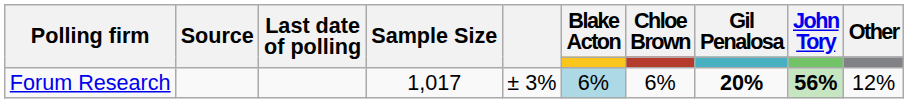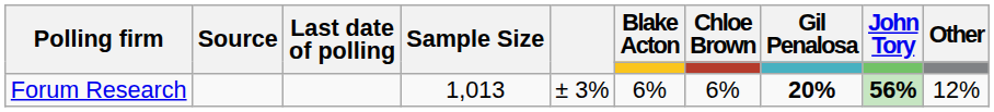 <table class="wikitable sortable tpl-blanktable" style="text-align:center; line-height:14px;font-size:90%;">
 <tr>
 <th rowspan="2">Polling firm</th>
 <th rowspan="2" class="unsortable">Source</th>
 <th rowspan="2">Last date<br>of polling</th>
 <th rowspan="2" class="unsortable">Sample Size</th>
 <th rowspan="2"></th>
 <th style="width:25px;letter-spacing:-1px;">Blake Acton</th>
 <th style="width:25px;letter-spacing:-1px;">Chloe Brown</th>
 <th style="width:25px;letter-spacing:-1px;">Gil Penalosa</th>
 <th style="width:25px;letter-spacing:-1px;"><a href='#'>John Tory</a></th>
 <th style="width:25px;letter-spacing:-1px;">Other</th>
 </tr>
 <tr class="sorttop">
 <th style="background-color:#FAC51C;"></th>
 <th style="background-color:#B53B2C;"></th>
 <th style="background-color:#47b1c1;"></th>
 <th style="background-color:#72C267;"></th>
 <th style="background-color:#808285;"></th>
 </tr>
 <tr>
 <td><a href='#'>Forum Research</a></td>
 <td></td>
 <td></td>
-<td>1,017</td>
+<td>1,013</td>
 <td>± 3%</td>
-<td style="background: lightblue;">6%</td>
+<td>6%</td>
 <td>6%</td>
 <td><strong>20%</strong></td>
 <td style="background-color:#C6E6C2;"><strong>56%</strong></td>
 <td>12%</td>
 </tr>
 </table>
